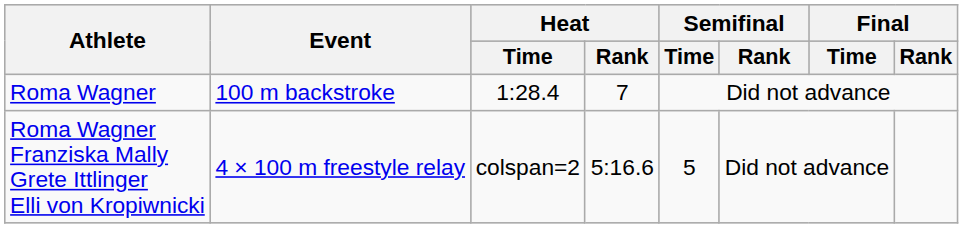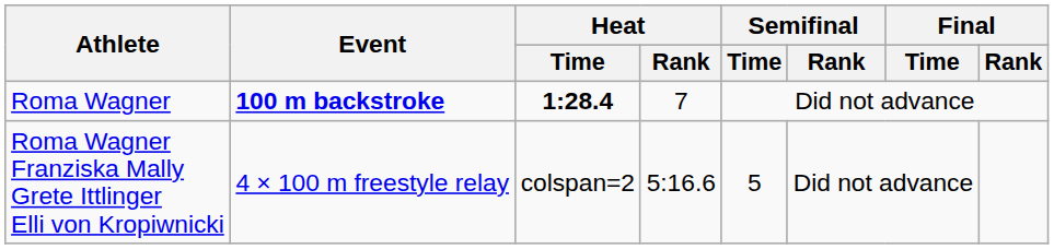 <table class=wikitable style="font-size:90%;">
 <tr>
 <th rowspan=2>Athlete</th>
 <th rowspan=2>Event</th>
 <th colspan=2>Heat</th>
 <th colspan=2>Semifinal</th>
 <th colspan=2>Final</th>
 </tr>
 <tr style="font-size:95%">
 <th>Time</th>
 <th>Rank</th>
 <th>Time</th>
 <th>Rank</th>
 <th>Time</th>
 <th>Rank</th>
 </tr>
 <tr align=center>
 <td align=left><a href='#'>Roma Wagner</a></td>
-<td align=left><a href='#'>100 m backstroke</a></td>
-<td>1:28.4</td>
+<td align=left><strong><a href='#'>100 m backstroke</a></strong></td>
+<td><strong>1:28.4</strong></td>
 <td>7</td>
 <td colspan=4>Did not advance</td>
 </tr>
 <tr align=center>
 <td align=left><a href='#'>Roma Wagner</a><br><a href='#'>Franziska Mally</a><br><a href='#'>Grete Ittlinger</a><br><a href='#'>Elli von Kropiwnicki</a></td>
 <td align=left><a href='#'>4 × 100 m freestyle relay</a></td>
 <td>colspan=2 </td>
 <td>5:16.6</td>
 <td>5</td>
 <td colspan=2>Did not advance</td>
 </tr>
 </table>
